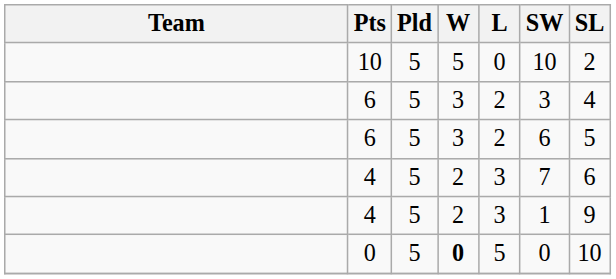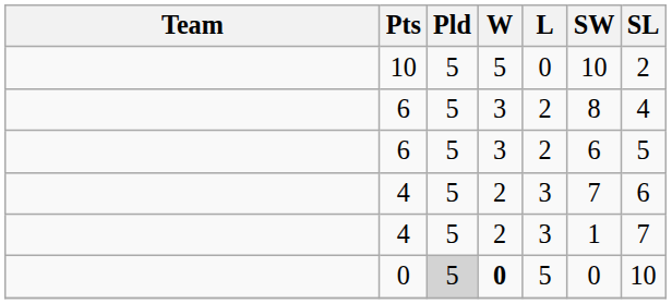 <table class=wikitable style="text-align:center">
 <tr>
 <th width=220>Team</th>
 <th width=20>Pts</th>
 <th width=20>Pld</th>
 <th width=20>W</th>
 <th width=20>L</th>
 <th width=20>SW</th>
 <th width=20>SL</th>
 </tr>
 <tr bgcolor=>
 <td align=left></td>
 <td>10</td>
 <td>5</td>
 <td>5</td>
 <td>0</td>
 <td>10</td>
 <td>2</td>
 </tr>
 <tr bgcolor=>
 <td align=left></td>
 <td>6</td>
 <td>5</td>
 <td>3</td>
 <td>2</td>
-<td>3</td>
+<td>8</td>
 <td>4</td>
 </tr>
 <tr bgcolor=>
 <td align=left></td>
 <td>6</td>
 <td>5</td>
 <td>3</td>
 <td>2</td>
 <td>6</td>
 <td>5</td>
 </tr>
 <tr bgcolor=>
 <td align=left></td>
 <td>4</td>
 <td>5</td>
 <td>2</td>
 <td>3</td>
 <td>7</td>
 <td>6</td>
 </tr>
 <tr bgcolor=>
 <td align=left></td>
 <td>4</td>
 <td>5</td>
 <td>2</td>
 <td>3</td>
 <td>1</td>
-<td>9</td>
+<td>7</td>
 </tr>
 <tr>
 <td align=left></td>
 <td>0</td>
-<td>5</td>
+<td style="background: lightgrey;">5</td>
 <td><strong>0</strong></td>
 <td>5</td>
 <td>0</td>
 <td>10</td>
 </tr>
 <tr>
 </tr>
 </table>
